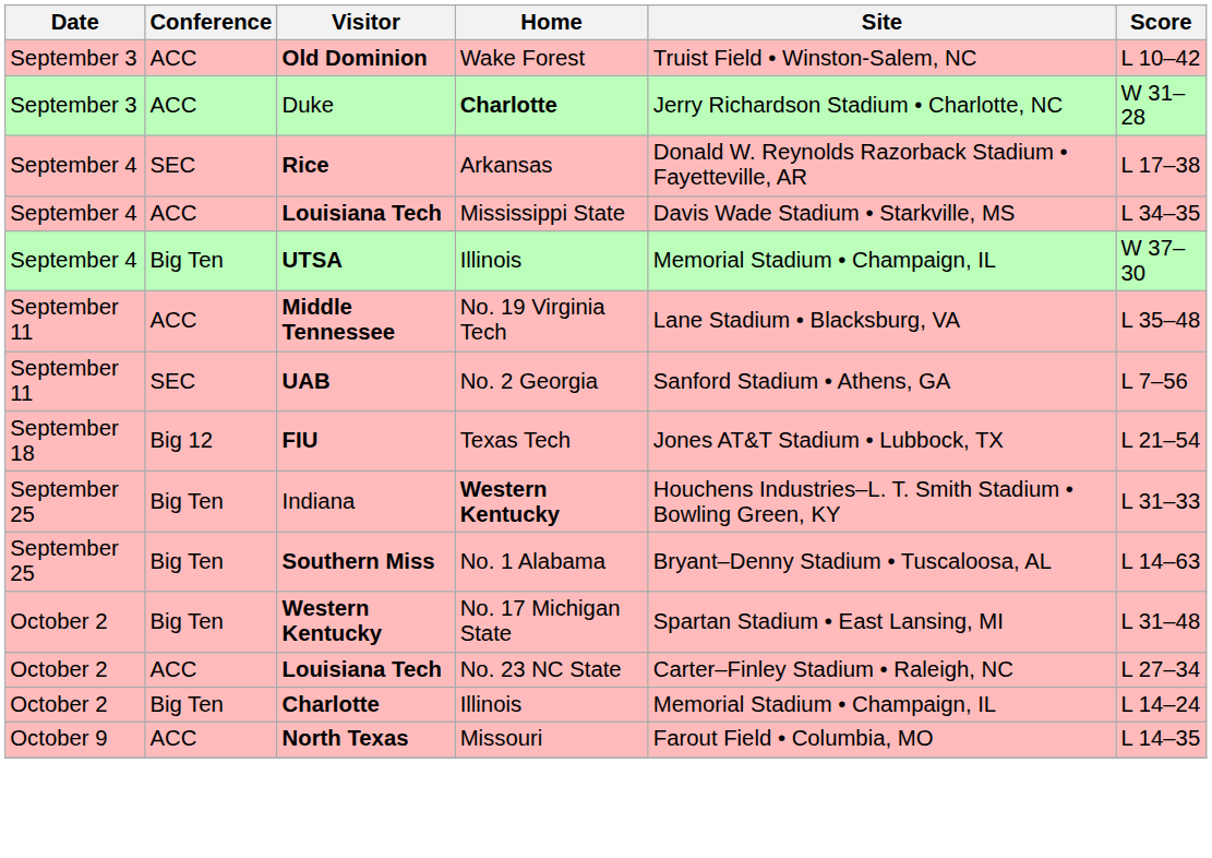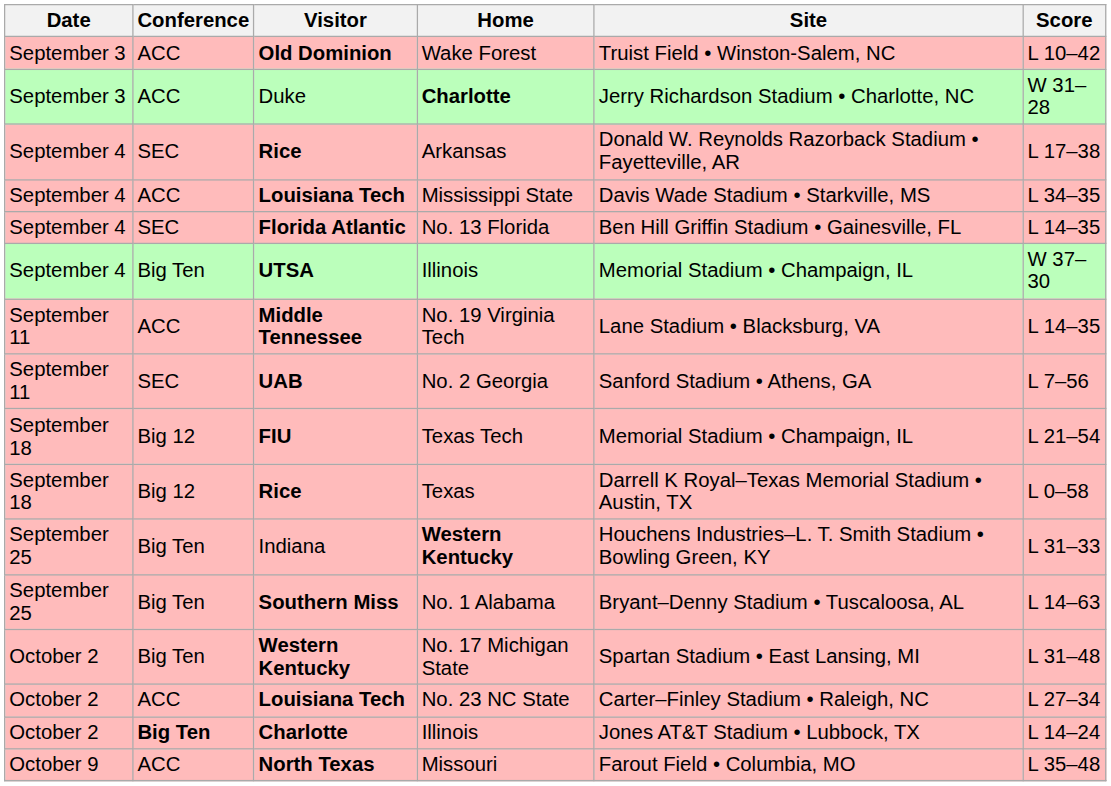 <table class="wikitable">
 <tr>
 <th>Date</th>
 <th>Conference</th>
 <th>Visitor</th>
 <th>Home</th>
 <th>Site</th>
 <th>Score</th>
 </tr>
 <tr style="background:#fbb;">
 <td>September 3</td>
 <td>ACC</td>
 <td><strong>Old Dominion</strong></td>
 <td>Wake Forest</td>
 <td>Truist Field • Winston-Salem, NC</td>
 <td>L 10–42</td>
 </tr>
 <tr style="background:#bfb;">
 <td>September 3</td>
 <td>ACC</td>
 <td>Duke</td>
 <td><strong>Charlotte</strong></td>
 <td>Jerry Richardson Stadium • Charlotte, NC</td>
 <td>W 31–28</td>
 </tr>
 <tr style="background:#fbb;">
 <td>September 4</td>
 <td>SEC</td>
 <td><strong>Rice</strong></td>
 <td>Arkansas</td>
 <td>Donald W. Reynolds Razorback Stadium • Fayetteville, AR</td>
 <td>L 17–38</td>
 </tr>
 <tr style="background:#fbb;">
 <td>September 4</td>
 <td>ACC</td>
 <td><strong>Louisiana Tech</strong></td>
 <td>Mississippi State</td>
 <td>Davis Wade Stadium • Starkville, MS</td>
 <td>L 34–35</td>
 </tr>
+<tr style="background:#fbb;">
+<td>September 4</td>
+<td>SEC</td>
+<td><strong>Florida Atlantic</strong></td>
+<td>No. 13 Florida</td>
+<td>Ben Hill Griffin Stadium • Gainesville, FL</td>
+<td>L 14–35</td>
+</tr>
 <tr style="background:#bfb;">
 <td>September 4</td>
 <td>Big Ten</td>
 <td><strong>UTSA</strong></td>
 <td>Illinois</td>
 <td>Memorial Stadium • Champaign, IL</td>
 <td>W 37–30</td>
 </tr>
 <tr style="background:#fbb;">
 <td>September 11</td>
 <td>ACC</td>
 <td><strong>Middle Tennessee</strong></td>
 <td>No. 19 Virginia Tech</td>
 <td>Lane Stadium • Blacksburg, VA</td>
-<td>L 35–48</td>
+<td>L 14–35</td>
 </tr>
 <tr style="background:#fbb;">
 <td>September 11</td>
 <td>SEC</td>
 <td><strong>UAB</strong></td>
 <td>No. 2 Georgia</td>
 <td>Sanford Stadium • Athens, GA</td>
 <td>L 7–56</td>
 </tr>
 <tr style="background:#fbb;">
 <td>September 18</td>
 <td>Big 12</td>
 <td><strong>FIU</strong></td>
 <td>Texas Tech</td>
-<td>Jones AT&T Stadium • Lubbock, TX</td>
+<td>Memorial Stadium • Champaign, IL</td>
 <td>L 21–54</td>
+</tr>
+<tr style="background:#fbb;">
+<td>September 18</td>
+<td>Big 12</td>
+<td><strong>Rice</strong></td>
+<td>Texas</td>
+<td>Darrell K Royal–Texas Memorial Stadium • Austin, TX</td>
+<td>L 0–58</td>
 </tr>
 <tr style="background:#fbb;">
 <td>September 25</td>
 <td>Big Ten</td>
 <td>Indiana</td>
 <td><strong>Western Kentucky</strong></td>
 <td>Houchens Industries–L. T. Smith Stadium • Bowling Green, KY</td>
 <td>L 31–33</td>
 </tr>
 <tr style="background:#fbb;">
 <td>September 25</td>
 <td>Big Ten</td>
 <td><strong>Southern Miss</strong></td>
 <td>No. 1 Alabama</td>
 <td>Bryant–Denny Stadium • Tuscaloosa, AL</td>
 <td>L 14–63</td>
 </tr>
 <tr style="background:#fbb;">
 <td>October 2</td>
 <td>Big Ten</td>
 <td><strong>Western Kentucky</strong></td>
 <td>No. 17 Michigan State</td>
 <td>Spartan Stadium • East Lansing, MI</td>
 <td>L 31–48</td>
 </tr>
 <tr style="background:#fbb;">
 <td>October 2</td>
 <td>ACC</td>
 <td><strong>Louisiana Tech</strong></td>
 <td>No. 23 NC State</td>
 <td>Carter–Finley Stadium • Raleigh, NC</td>
 <td>L 27–34</td>
 </tr>
 <tr style="background:#fbb;">
 <td>October 2</td>
-<td>Big Ten</td>
+<td><strong>Big Ten</strong></td>
 <td><strong>Charlotte</strong></td>
 <td>Illinois</td>
-<td>Memorial Stadium • Champaign, IL</td>
+<td>Jones AT&T Stadium • Lubbock, TX</td>
 <td>L 14–24</td>
 </tr>
 <tr style="background:#fbb;">
 <td>October 9</td>
 <td>ACC</td>
 <td><strong>North Texas</strong></td>
 <td>Missouri</td>
 <td>Farout Field • Columbia, MO</td>
-<td>L 14–35</td>
+<td>L 35–48</td>
 </tr>
 <tr>
 </tr>
 </table>
